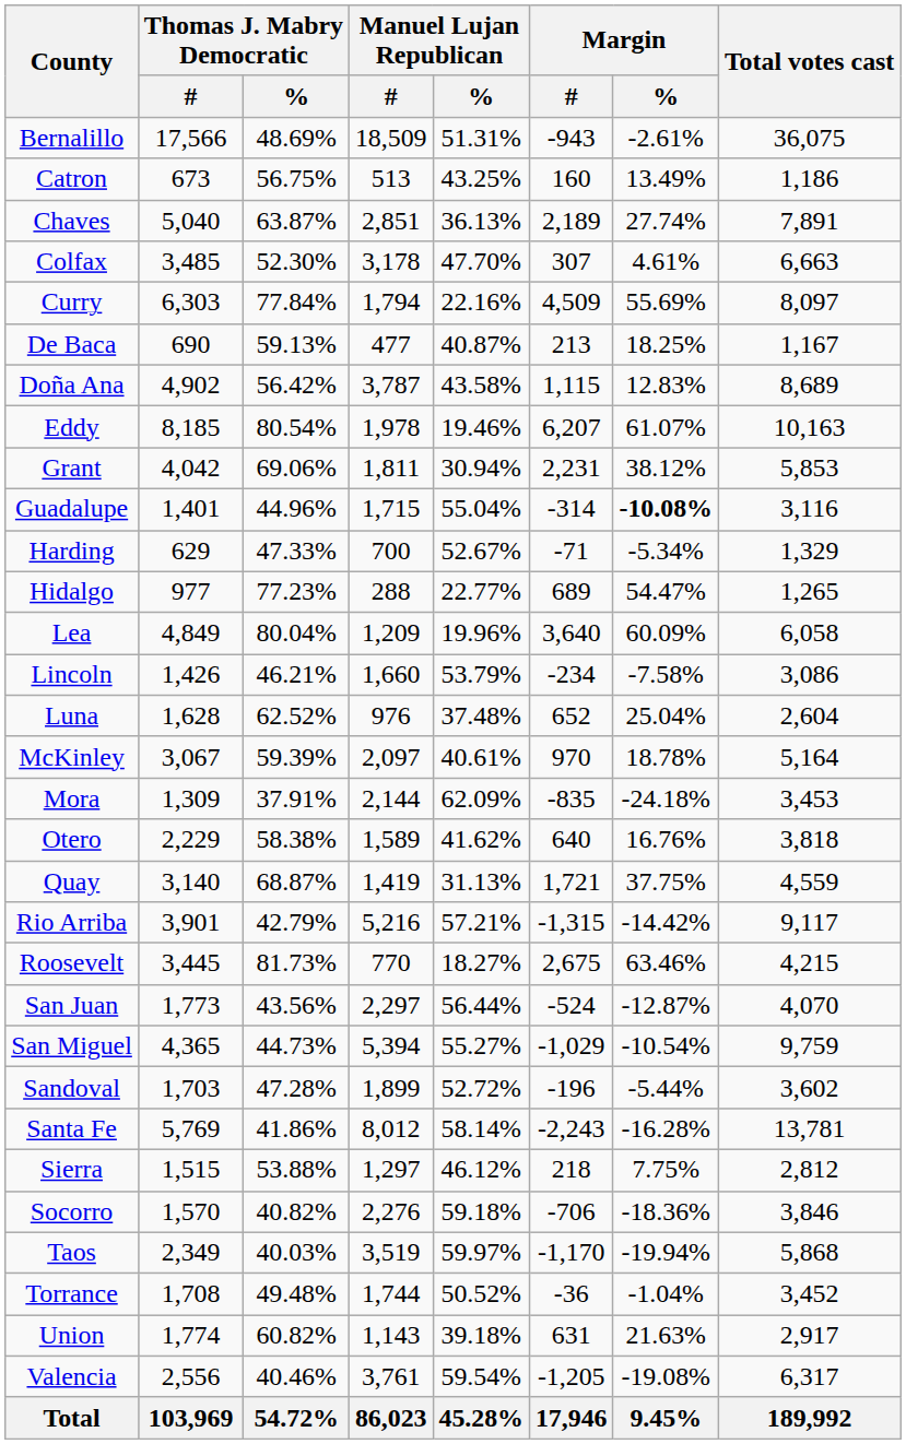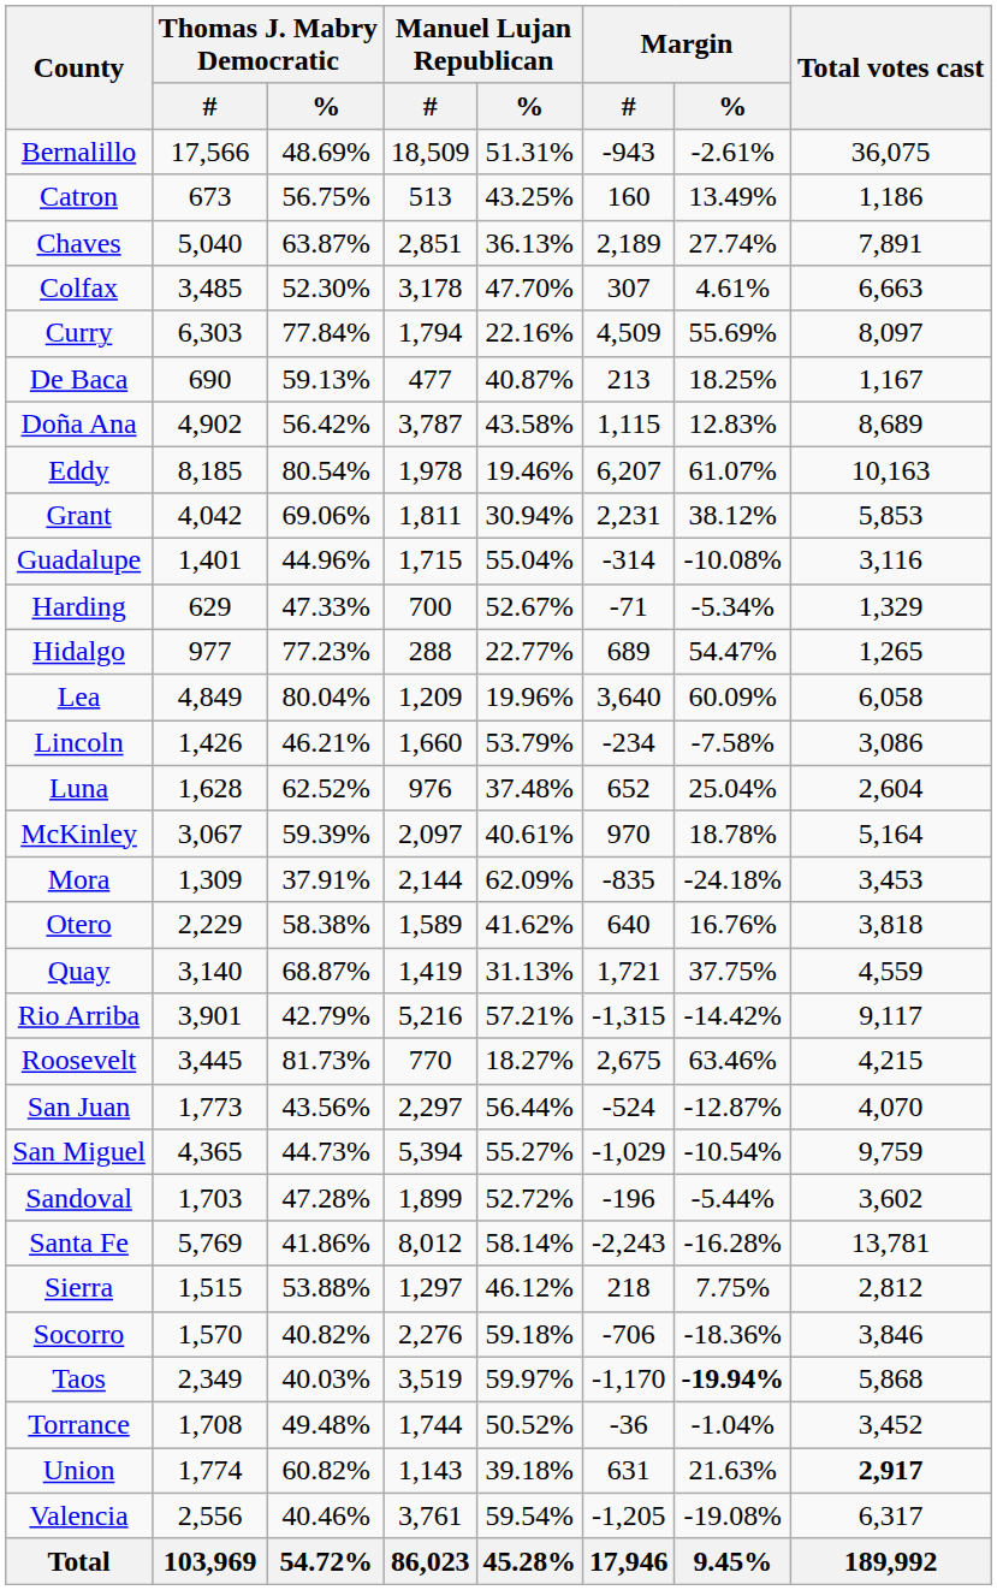 <table class="wikitable sortable" style="text-align:center">
 <tr>
 <th style="text-align:center;" rowspan="2">County</th>
 <th style="text-align:center;" colspan="2">Thomas J. Mabry<br>Democratic</th>
 <th style="text-align:center;" colspan="2">Manuel Lujan<br>Republican</th>
 <th style="text-align:center;" colspan="2">Margin</th>
 <th style="text-align:center;" rowspan="2">Total votes cast</th>
 </tr>
 <tr>
 <th style="text-align:center;" data-sort-type="number">#</th>
 <th style="text-align:center;" data-sort-type="number">%</th>
 <th style="text-align:center;" data-sort-type="number">#</th>
 <th style="text-align:center;" data-sort-type="number">%</th>
 <th style="text-align:center;" data-sort-type="number">#</th>
 <th style="text-align:center;" data-sort-type="number">%</th>
 </tr>
 <tr style="text-align:center;">
 <td><a href='#'>Bernalillo</a></td>
 <td>17,566</td>
 <td>48.69%</td>
 <td>18,509</td>
 <td>51.31%</td>
 <td>-943</td>
 <td>-2.61%</td>
 <td>36,075</td>
 </tr>
 <tr style="text-align:center;">
 <td><a href='#'>Catron</a></td>
 <td>673</td>
 <td>56.75%</td>
 <td>513</td>
 <td>43.25%</td>
 <td>160</td>
 <td>13.49%</td>
 <td>1,186</td>
 </tr>
 <tr style="text-align:center;">
 <td><a href='#'>Chaves</a></td>
 <td>5,040</td>
 <td>63.87%</td>
 <td>2,851</td>
 <td>36.13%</td>
 <td>2,189</td>
 <td>27.74%</td>
 <td>7,891</td>
 </tr>
 <tr style="text-align:center;">
 <td><a href='#'>Colfax</a></td>
 <td>3,485</td>
 <td>52.30%</td>
 <td>3,178</td>
 <td>47.70%</td>
 <td>307</td>
 <td>4.61%</td>
 <td>6,663</td>
 </tr>
 <tr style="text-align:center;">
 <td><a href='#'>Curry</a></td>
 <td>6,303</td>
 <td>77.84%</td>
 <td>1,794</td>
 <td>22.16%</td>
 <td>4,509</td>
 <td>55.69%</td>
 <td>8,097</td>
 </tr>
 <tr style="text-align:center;">
 <td><a href='#'>De Baca</a></td>
 <td>690</td>
 <td>59.13%</td>
 <td>477</td>
 <td>40.87%</td>
 <td>213</td>
 <td>18.25%</td>
 <td>1,167</td>
 </tr>
 <tr style="text-align:center;">
 <td><a href='#'>Doña Ana</a></td>
 <td>4,902</td>
 <td>56.42%</td>
 <td>3,787</td>
 <td>43.58%</td>
 <td>1,115</td>
 <td>12.83%</td>
 <td>8,689</td>
 </tr>
 <tr style="text-align:center;">
 <td><a href='#'>Eddy</a></td>
 <td>8,185</td>
 <td>80.54%</td>
 <td>1,978</td>
 <td>19.46%</td>
 <td>6,207</td>
 <td>61.07%</td>
 <td>10,163</td>
 </tr>
 <tr style="text-align:center;">
 <td><a href='#'>Grant</a></td>
 <td>4,042</td>
 <td>69.06%</td>
 <td>1,811</td>
 <td>30.94%</td>
 <td>2,231</td>
 <td>38.12%</td>
 <td>5,853</td>
 </tr>
 <tr style="text-align:center;">
 <td><a href='#'>Guadalupe</a></td>
 <td>1,401</td>
 <td>44.96%</td>
 <td>1,715</td>
 <td>55.04%</td>
 <td>-314</td>
-<td><strong>-10.08%</strong></td>
+<td>-10.08%</td>
 <td>3,116</td>
 </tr>
 <tr style="text-align:center;">
 <td><a href='#'>Harding</a></td>
 <td>629</td>
 <td>47.33%</td>
 <td>700</td>
 <td>52.67%</td>
 <td>-71</td>
 <td>-5.34%</td>
 <td>1,329</td>
 </tr>
 <tr style="text-align:center;">
 <td><a href='#'>Hidalgo</a></td>
 <td>977</td>
 <td>77.23%</td>
 <td>288</td>
 <td>22.77%</td>
 <td>689</td>
 <td>54.47%</td>
 <td>1,265</td>
 </tr>
 <tr style="text-align:center;">
 <td><a href='#'>Lea</a></td>
 <td>4,849</td>
 <td>80.04%</td>
 <td>1,209</td>
 <td>19.96%</td>
 <td>3,640</td>
 <td>60.09%</td>
 <td>6,058</td>
 </tr>
 <tr style="text-align:center;">
 <td><a href='#'>Lincoln</a></td>
 <td>1,426</td>
 <td>46.21%</td>
 <td>1,660</td>
 <td>53.79%</td>
 <td>-234</td>
 <td>-7.58%</td>
 <td>3,086</td>
 </tr>
 <tr style="text-align:center;">
 <td><a href='#'>Luna</a></td>
 <td>1,628</td>
 <td>62.52%</td>
 <td>976</td>
 <td>37.48%</td>
 <td>652</td>
 <td>25.04%</td>
 <td>2,604</td>
 </tr>
 <tr style="text-align:center;">
 <td><a href='#'>McKinley</a></td>
 <td>3,067</td>
 <td>59.39%</td>
 <td>2,097</td>
 <td>40.61%</td>
 <td>970</td>
 <td>18.78%</td>
 <td>5,164</td>
 </tr>
 <tr style="text-align:center;">
 <td><a href='#'>Mora</a></td>
 <td>1,309</td>
 <td>37.91%</td>
 <td>2,144</td>
 <td>62.09%</td>
 <td>-835</td>
 <td>-24.18%</td>
 <td>3,453</td>
 </tr>
 <tr style="text-align:center;">
 <td><a href='#'>Otero</a></td>
 <td>2,229</td>
 <td>58.38%</td>
 <td>1,589</td>
 <td>41.62%</td>
 <td>640</td>
 <td>16.76%</td>
 <td>3,818</td>
 </tr>
 <tr style="text-align:center;">
 <td><a href='#'>Quay</a></td>
 <td>3,140</td>
 <td>68.87%</td>
 <td>1,419</td>
 <td>31.13%</td>
 <td>1,721</td>
 <td>37.75%</td>
 <td>4,559</td>
 </tr>
 <tr style="text-align:center;">
 <td><a href='#'>Rio Arriba</a></td>
 <td>3,901</td>
 <td>42.79%</td>
 <td>5,216</td>
 <td>57.21%</td>
 <td>-1,315</td>
 <td>-14.42%</td>
 <td>9,117</td>
 </tr>
 <tr style="text-align:center;">
 <td><a href='#'>Roosevelt</a></td>
 <td>3,445</td>
 <td>81.73%</td>
 <td>770</td>
 <td>18.27%</td>
 <td>2,675</td>
 <td>63.46%</td>
 <td>4,215</td>
 </tr>
 <tr style="text-align:center;">
 <td><a href='#'>San Juan</a></td>
 <td>1,773</td>
 <td>43.56%</td>
 <td>2,297</td>
 <td>56.44%</td>
 <td>-524</td>
 <td>-12.87%</td>
 <td>4,070</td>
 </tr>
 <tr style="text-align:center;">
 <td><a href='#'>San Miguel</a></td>
 <td>4,365</td>
 <td>44.73%</td>
 <td>5,394</td>
 <td>55.27%</td>
 <td>-1,029</td>
 <td>-10.54%</td>
 <td>9,759</td>
 </tr>
 <tr style="text-align:center;">
 <td><a href='#'>Sandoval</a></td>
 <td>1,703</td>
 <td>47.28%</td>
 <td>1,899</td>
 <td>52.72%</td>
 <td>-196</td>
 <td>-5.44%</td>
 <td>3,602</td>
 </tr>
 <tr style="text-align:center;">
 <td><a href='#'>Santa Fe</a></td>
 <td>5,769</td>
 <td>41.86%</td>
 <td>8,012</td>
 <td>58.14%</td>
 <td>-2,243</td>
 <td>-16.28%</td>
 <td>13,781</td>
 </tr>
 <tr style="text-align:center;">
 <td><a href='#'>Sierra</a></td>
 <td>1,515</td>
 <td>53.88%</td>
 <td>1,297</td>
 <td>46.12%</td>
 <td>218</td>
 <td>7.75%</td>
 <td>2,812</td>
 </tr>
 <tr style="text-align:center;">
 <td><a href='#'>Socorro</a></td>
 <td>1,570</td>
 <td>40.82%</td>
 <td>2,276</td>
 <td>59.18%</td>
 <td>-706</td>
 <td>-18.36%</td>
 <td>3,846</td>
 </tr>
 <tr style="text-align:center;">
 <td><a href='#'>Taos</a></td>
 <td>2,349</td>
 <td>40.03%</td>
 <td>3,519</td>
 <td>59.97%</td>
 <td>-1,170</td>
-<td>-19.94%</td>
+<td><strong>-19.94%</strong></td>
 <td>5,868</td>
 </tr>
 <tr style="text-align:center;">
 <td><a href='#'>Torrance</a></td>
 <td>1,708</td>
 <td>49.48%</td>
 <td>1,744</td>
 <td>50.52%</td>
 <td>-36</td>
 <td>-1.04%</td>
 <td>3,452</td>
 </tr>
 <tr style="text-align:center;">
 <td><a href='#'>Union</a></td>
 <td>1,774</td>
 <td>60.82%</td>
 <td>1,143</td>
 <td>39.18%</td>
 <td>631</td>
 <td>21.63%</td>
-<td>2,917</td>
+<td><strong>2,917</strong></td>
 </tr>
 <tr style="text-align:center;">
 <td><a href='#'>Valencia</a></td>
 <td>2,556</td>
 <td>40.46%</td>
 <td>3,761</td>
 <td>59.54%</td>
 <td>-1,205</td>
 <td>-19.08%</td>
 <td>6,317</td>
 </tr>
 <tr style="text-align:center;">
 <th>Total</th>
 <th>103,969</th>
 <th>54.72%</th>
 <th>86,023</th>
 <th>45.28%</th>
 <th>17,946</th>
 <th>9.45%</th>
 <th>189,992</th>
 </tr>
 </table>
